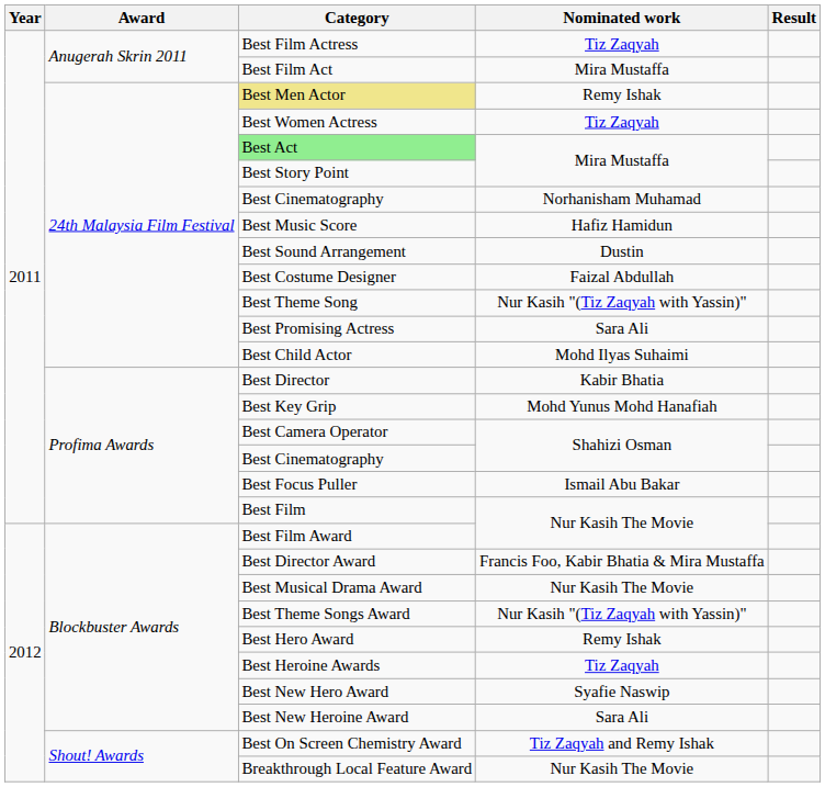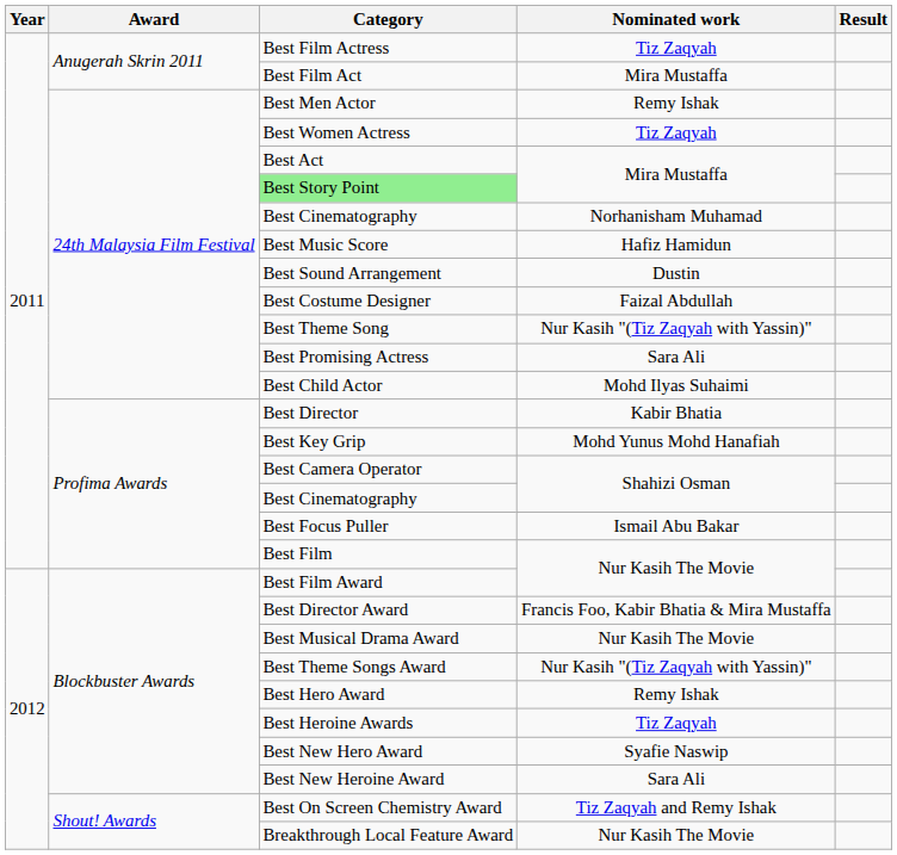 <table class="wikitable">
 <tr>
 <th>Year</th>
 <th>Award</th>
 <th>Category</th>
 <th>Nominated work</th>
 <th>Result</th>
 </tr>
 <tr>
 <td rowspan=19 align="center">2011</td>
 <td rowspan=2><em>Anugerah Skrin 2011</em></td>
 <td>Best Film Actress</td>
 <td align="center"><a href='#'>Tiz Zaqyah</a></td>
 <td></td>
 </tr>
 <tr>
 <td>Best Film Act</td>
 <td align="center">Mira Mustaffa</td>
 <td></td>
 </tr>
 <tr>
 <td rowspan=11><em><a href='#'>24th Malaysia Film Festival</a></em></td>
-<td style="background: khaki;">Best Men Actor</td>
+<td>Best Men Actor</td>
 <td align="center">Remy Ishak</td>
 <td></td>
 </tr>
 <tr>
 <td>Best Women Actress</td>
 <td align="center"><a href='#'>Tiz Zaqyah</a></td>
 <td></td>
 </tr>
 <tr>
-<td style="background: lightgreen;">Best Act</td>
+<td>Best Act</td>
 <td align="center" rowspan="2">Mira Mustaffa</td>
 <td></td>
 </tr>
 <tr>
-<td>Best Story Point</td>
+<td style="background: lightgreen;">Best Story Point</td>
 <td></td>
 </tr>
 <tr>
 <td>Best Cinematography</td>
 <td align="center">Norhanisham Muhamad</td>
 <td></td>
 </tr>
 <tr>
 <td>Best Music Score</td>
 <td align="center">Hafiz Hamidun</td>
 <td></td>
 </tr>
 <tr>
 <td>Best Sound Arrangement</td>
 <td align="center">Dustin</td>
 <td></td>
 </tr>
 <tr>
 <td>Best Costume Designer</td>
 <td align="center">Faizal Abdullah</td>
 <td></td>
 </tr>
 <tr>
 <td>Best Theme Song</td>
 <td align="center">Nur Kasih "(<a href='#'>Tiz Zaqyah</a> with Yassin)"</td>
 <td></td>
 </tr>
 <tr>
 <td>Best Promising Actress</td>
 <td align="center">Sara Ali</td>
 <td></td>
 </tr>
 <tr>
 <td>Best Child Actor</td>
 <td align="center">Mohd Ilyas Suhaimi</td>
 <td></td>
 </tr>
 <tr>
 <td rowspan=6><em>Profima Awards</em></td>
 <td>Best Director</td>
 <td align="center">Kabir Bhatia</td>
 <td></td>
 </tr>
 <tr>
 <td>Best Key Grip</td>
 <td align="center">Mohd Yunus Mohd Hanafiah</td>
 <td></td>
 </tr>
 <tr>
 <td>Best Camera Operator</td>
 <td align="center" rowspan="2">Shahizi Osman</td>
 <td></td>
 </tr>
 <tr>
 <td>Best Cinematography</td>
 <td></td>
 </tr>
 <tr>
 <td>Best Focus Puller</td>
 <td align="center">Ismail Abu Bakar</td>
 <td></td>
 </tr>
 <tr>
 <td>Best Film</td>
 <td align="center" rowspan="2">Nur Kasih The Movie</td>
 <td></td>
 </tr>
 <tr>
 <td rowspan=10 align="center">2012</td>
 <td rowspan=8><em>Blockbuster Awards</em></td>
 <td>Best Film Award</td>
 <td></td>
 </tr>
 <tr>
 <td>Best Director Award</td>
 <td align="center">Francis Foo, Kabir Bhatia & Mira Mustaffa</td>
 <td></td>
 </tr>
 <tr>
 <td>Best Musical Drama Award</td>
 <td align="center">Nur Kasih The Movie</td>
 <td></td>
 </tr>
 <tr>
 <td>Best Theme Songs Award</td>
 <td align="center">Nur Kasih "(<a href='#'>Tiz Zaqyah</a> with Yassin)"</td>
 <td></td>
 </tr>
 <tr>
 <td>Best Hero Award</td>
 <td align="center">Remy Ishak</td>
 <td></td>
 </tr>
 <tr>
 <td>Best Heroine Awards</td>
 <td align="center"><a href='#'>Tiz Zaqyah</a></td>
 <td></td>
 </tr>
 <tr>
 <td>Best New Hero Award</td>
 <td align="center">Syafie Naswip</td>
 <td></td>
 </tr>
 <tr>
 <td>Best New Heroine Award</td>
 <td align="center">Sara Ali</td>
 <td></td>
 </tr>
 <tr>
 <td rowspan=2><em><a href='#'>Shout! Awards</a></em></td>
 <td>Best On Screen Chemistry Award</td>
 <td align="center"><a href='#'>Tiz Zaqyah</a> and Remy Ishak</td>
 <td></td>
 </tr>
 <tr>
 <td>Breakthrough Local Feature Award</td>
 <td align="center">Nur Kasih The Movie</td>
 <td></td>
 </tr>
 </table>
